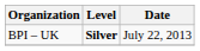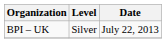 <table class="wikitable">
 <tr>
 <th align="left">Organization</th>
 <th align="left">Level</th>
 <th align="left">Date</th>
 </tr>
 <tr>
 <td align="left">BPI – UK</td>
-<td align="left"><strong>Silver</strong></td>
+<td align="left">Silver</td>
 <td align="left">July 22, 2013</td>
 </tr>
 <tr>
 </tr>
 </table>
